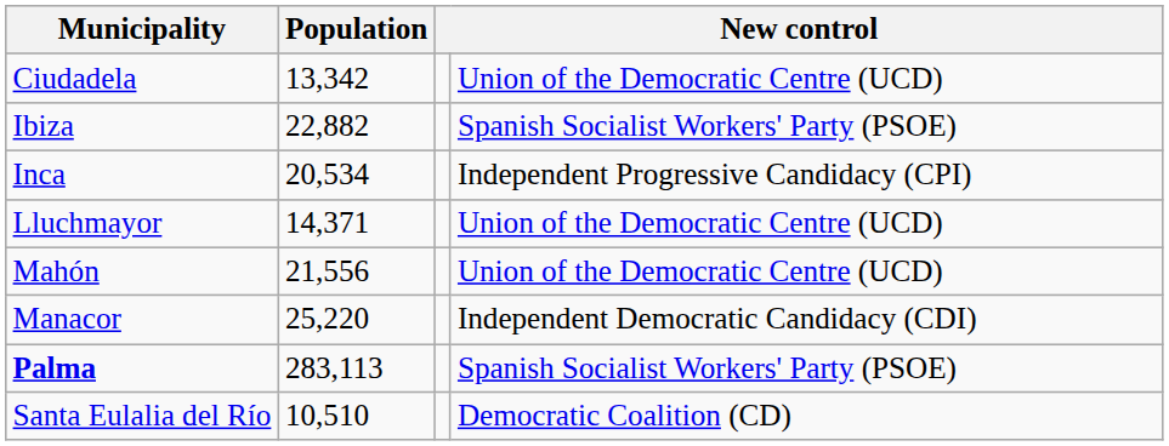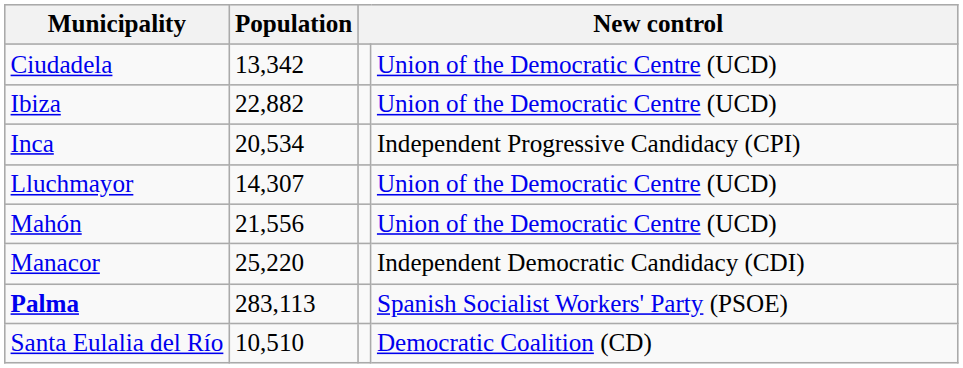 <table class="wikitable sortable">
 <tr>
 <th>Municipality</th>
 <th>Population</th>
 <th colspan="2" style="width:375px;">New control</th>
 </tr>
 <tr>
 <td><a href='#'>Ciudadela</a></td>
 <td>13,342</td>
 <td width="1" style="color:inherit;background:"></td>
 <td><a href='#'>Union of the Democratic Centre</a> (UCD)</td>
 </tr>
 <tr>
 <td><a href='#'>Ibiza</a></td>
 <td>22,882</td>
 <td style="color:inherit;background:"></td>
-<td><a href='#'>Spanish Socialist Workers' Party</a> (PSOE)</td>
+<td><a href='#'>Union of the Democratic Centre</a> (UCD)</td>
 </tr>
 <tr>
 <td><a href='#'>Inca</a></td>
 <td>20,534</td>
 <td style="color:inherit;background:"></td>
 <td>Independent Progressive Candidacy (CPI) </td>
 </tr>
 <tr>
 <td><a href='#'>Lluchmayor</a></td>
-<td>14,371</td>
+<td>14,307</td>
 <td style="color:inherit;background:"></td>
 <td><a href='#'>Union of the Democratic Centre</a> (UCD)</td>
 </tr>
 <tr>
 <td><a href='#'>Mahón</a></td>
 <td>21,556</td>
 <td style="color:inherit;background:"></td>
 <td><a href='#'>Union of the Democratic Centre</a> (UCD)</td>
 </tr>
 <tr>
 <td><a href='#'>Manacor</a></td>
 <td>25,220</td>
 <td style="color:inherit;background:"></td>
 <td>Independent Democratic Candidacy (CDI) </td>
 </tr>
 <tr>
 <td><strong><a href='#'>Palma</a></strong></td>
 <td>283,113</td>
 <td style="color:inherit;background:"></td>
 <td><a href='#'>Spanish Socialist Workers' Party</a> (PSOE)</td>
 </tr>
 <tr>
 <td><a href='#'>Santa Eulalia del Río</a></td>
 <td>10,510</td>
 <td style="color:inherit;background:"></td>
 <td><a href='#'>Democratic Coalition</a> (CD)</td>
 </tr>
 </table>
